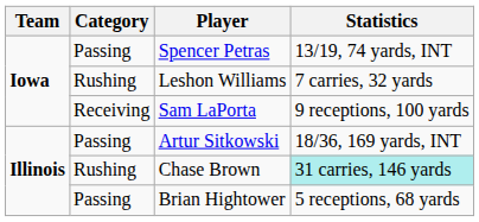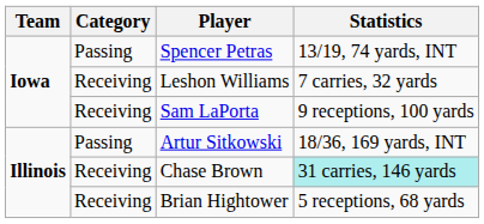 <table class="wikitable" style="float: left;">
 <tr>
 <th>Team</th>
 <th>Category</th>
 <th>Player</th>
 <th>Statistics</th>
 </tr>
 <tr>
 <td rowspan=3><strong>Iowa</strong></td>
 <td>Passing</td>
 <td><a href='#'>Spencer Petras</a></td>
 <td>13/19, 74 yards, INT</td>
 </tr>
 <tr>
-<td>Rushing</td>
+<td>Receiving</td>
 <td>Leshon Williams</td>
 <td>7 carries, 32 yards</td>
 </tr>
 <tr>
 <td>Receiving</td>
 <td><a href='#'>Sam LaPorta</a></td>
 <td>9 receptions, 100 yards</td>
 </tr>
 <tr>
 <td rowspan=3><strong>Illinois</strong></td>
 <td>Passing</td>
 <td><a href='#'>Artur Sitkowski</a></td>
 <td>18/36, 169 yards, INT</td>
 </tr>
 <tr>
-<td>Rushing</td>
+<td>Receiving</td>
 <td>Chase Brown</td>
 <td style="background: paleturquoise;">31 carries, 146 yards</td>
 </tr>
 <tr>
-<td>Passing</td>
+<td>Receiving</td>
 <td>Brian Hightower</td>
 <td>5 receptions, 68 yards</td>
 </tr>
 </table>
